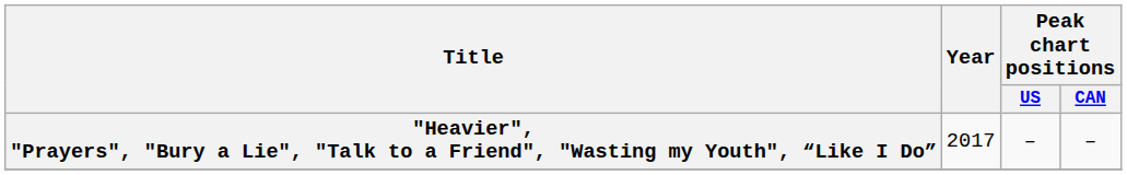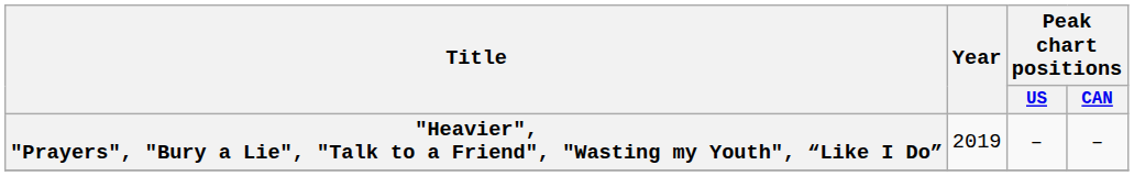 <table class="wikitable plainrowheaders" style="text-align:center;">
 <tr>
 <th scope="col" rowspan=2>Title</th>
 <th scope="col" rowspan=2>Year</th>
 <th scope="col" colspan=2>Peak chart positions</th>
 </tr>
 <tr>
 <th scope="col" style="width:3em;font-size:85%;"><a href='#'>US</a></th>
 <th scope="col" style="width:3em;font-size:85%;"><a href='#'>CAN</a></th>
 </tr>
 <tr>
 <th scope="row">"Heavier",<br>"Prayers", "Bury a Lie", "Talk to a Friend", "Wasting my Youth", “Like I Do”</th>
-<td>2017</td>
+<td>2019</td>
 <td>–</td>
 <td>–</td>
 </tr>
 <tr>
 </tr>
 </table>
